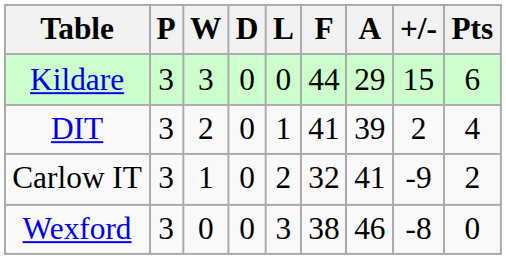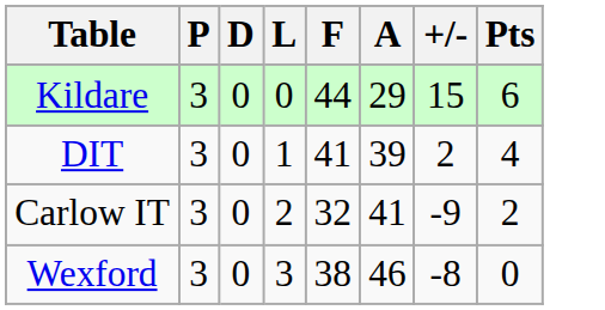 <table class="wikitable">
 <tr>
 <th>Table</th>
 <th>P</th>
-<th>W</th>
 <th>D</th>
 <th>L</th>
 <th>F</th>
 <th>A</th>
 <th>+/-</th>
 <th>Pts</th>
 </tr>
 <tr style="text-align:Center; background:#cfc;">
 <td><a href='#'>Kildare</a></td>
-<td>3</td>
 <td>3</td>
 <td>0</td>
 <td>0</td>
 <td>44</td>
 <td>29</td>
 <td>15</td>
 <td>6</td>
 </tr>
 <tr style="text-align:Center;">
 <td><a href='#'>DIT</a></td>
 <td>3</td>
-<td>2</td>
 <td>0</td>
 <td>1</td>
 <td>41</td>
 <td>39</td>
 <td>2</td>
 <td>4</td>
 </tr>
 <tr style="text-align:Center;">
 <td>Carlow IT</td>
 <td>3</td>
-<td>1</td>
 <td>0</td>
 <td>2</td>
 <td>32</td>
 <td>41</td>
 <td>-9</td>
 <td>2</td>
 </tr>
 <tr style="text-align:Center;">
 <td><a href='#'>Wexford</a></td>
 <td>3</td>
 <td>0</td>
-<td>0</td>
 <td>3</td>
 <td>38</td>
 <td>46</td>
 <td>-8</td>
 <td>0</td>
 </tr>
 </table>
